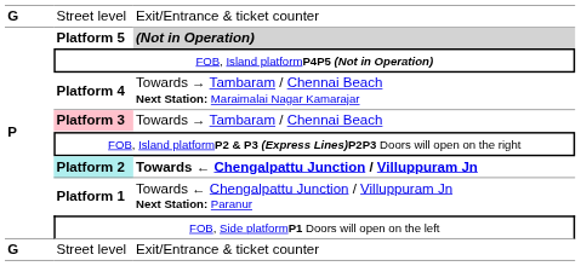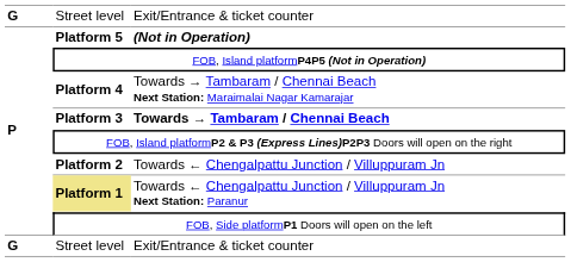 <table cellpadding="3" cellspacing="0" border="0">
 <tr>
 <td valign="top" width="30" style="border-top:solid 1px gray;border-bottom:solid 1px gray;"><strong>G</strong></td>
 <td valign="top" width="85" style="border-top:solid 1px gray;border-bottom:solid 1px gray;">Street level</td>
 <td valign="top" width="500" style="border-top:solid 1px gray;border-bottom:solid 1px gray;">Exit/Entrance & ticket counter</td>
 </tr>
 <tr>
 <td rowspan="8" style="border-bottom:solid 1px gray;" width="50" valign="center"><strong>P</strong></td>
 <td><span><strong>Platform 5</strong></span></td>
-<td style="background: lightgrey;"><strong><em>(Not in Operation)</em></strong></td>
+<td><strong><em>(Not in Operation)</em></strong></td>
 </tr>
 <tr>
 <td colspan="2" style="border-top:solid 2px black;border-right:solid 2px black;border-left:solid 2px black;border-bottom:solid 2px black;text-align:center;"><a href='#'><small>FOB</small></a><small>, <a href='#'>Island platform</a><strong>P4</strong><strong>P5</strong> <strong><em>(Not in Operation)</em></strong></small></td>
 </tr>
 <tr>
 <td width="85" style="border-bottom:solid 1px gray;"><span><strong>Platform 4</strong></span></td>
 <td width="500" style="border-bottom:solid 1px gray;">Towards → <a href='#'>Tambaram</a> / <a href='#'>Chennai Beach</a><br><small><strong>Next Station:</strong> <a href='#'>Maraimalai Nagar Kamarajar</a></small></td>
 </tr>
 <tr>
-<td width="85" style="background: pink; border-bottom:solid 1px white;"><span><strong>Platform 3</strong></span></td>
-<td width="500" style="border-bottom:solid 1px white;">Towards → <a href='#'>Tambaram</a> / <a href='#'>Chennai Beach</a></td>
+<td width="85" style="border-bottom:solid 1px white;"><span><strong>Platform 3</strong></span></td>
+<td width="500" style="border-bottom:solid 1px white;"><strong>Towards → <a href='#'>Tambaram</a> / <a href='#'>Chennai Beach</a></strong></td>
 </tr>
 <tr>
 <td colspan="2" style="border-top:solid 2px black;border-right:solid 2px black;border-left:solid 2px black;border-bottom:solid 2px black;text-align:center;"><a href='#'><small>FOB</small></a><small>, <a href='#'>Island platform</a><strong>P2 & P3</strong> <strong><em>(Express Lines)</em></strong><strong>P2</strong><strong>P3</strong> Doors will open on the right</small></td>
 </tr>
 <tr>
-<td width="85" style="background: paleturquoise; border-bottom:solid 1px gray;"><span><strong>Platform 2</strong></span></td>
-<td style="border-bottom:solid 1px gray;" width="500"><strong>Towards ← <a href='#'>Chengalpattu Junction</a> / <a href='#'>Villuppuram Jn</a></strong></td>
+<td width="85" style="border-bottom:solid 1px gray;"><span><strong>Platform 2</strong></span></td>
+<td style="border-bottom:solid 1px gray;" width="500">Towards ← <a href='#'>Chengalpattu Junction</a> / <a href='#'>Villuppuram Jn</a></td>
 </tr>
 <tr>
-<td width="85" style="border-bottom:solid 1px white;"><span><strong>Platform 1</strong></span></td>
+<td width="85" style="background: khaki; border-bottom:solid 1px white;"><span><strong>Platform 1</strong></span></td>
 <td style="border-bottom:solid 1px white;" width="500">Towards ← <a href='#'>Chengalpattu Junction</a> / <a href='#'>Villuppuram Jn</a><br><small><strong>Next Station:</strong> <a href='#'>Paranur</a></small></td>
 </tr>
 <tr>
 <td colspan="2" style="border-top:solid 2px black;border-right:solid 2px black;border-left:solid 2px black;border-bottom:solid 1px gray;" align="center"><a href='#'><small>FOB</small></a><small>, <a href='#'>Side platform</a><strong>P1</strong> Doors will open on the left</small></td>
 </tr>
 <tr>
 <td style="border-bottom:solid 1px gray;" width="50" valign="top"><strong>G</strong></td>
 <td style="border-bottom:solid 1px gray;" width="50" valign="top">Street level</td>
 <td style="border-bottom:solid 1px gray;" width="50" valign="top">Exit/Entrance & ticket counter</td>
 </tr>
 <tr>
 </tr>
 </table>
